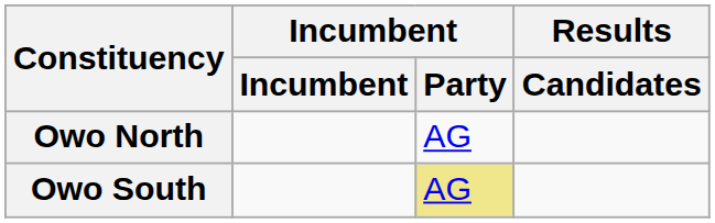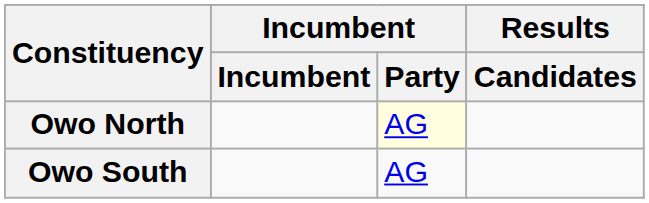 <table class="wikitable sortable">
 <tr>
 <th rowspan="2">Constituency</th>
 <th colspan="2">Incumbent</th>
 <th>Results</th>
 </tr>
 <tr valign="bottom">
 <th>Incumbent</th>
 <th>Party</th>
 <th>Candidates</th>
 </tr>
 <tr>
 <th>Owo North</th>
 <td></td>
-<td><a href='#'>AG</a></td>
+<td style="background: lightyellow;"><a href='#'>AG</a></td>
 <td nowrap=""></td>
 </tr>
 <tr>
 <th>Owo South</th>
 <td></td>
-<td style="background: khaki;"><a href='#'>AG</a></td>
+<td><a href='#'>AG</a></td>
 <td nowrap=""></td>
 </tr>
 </table>
